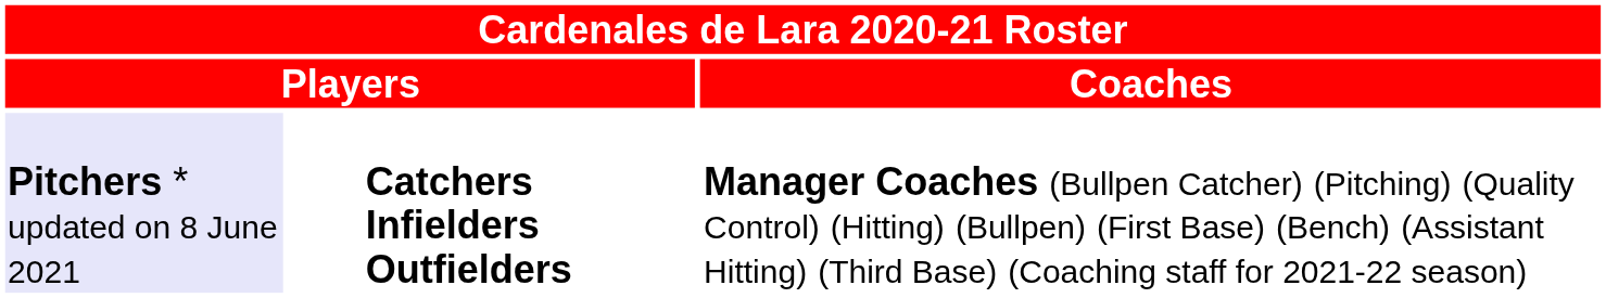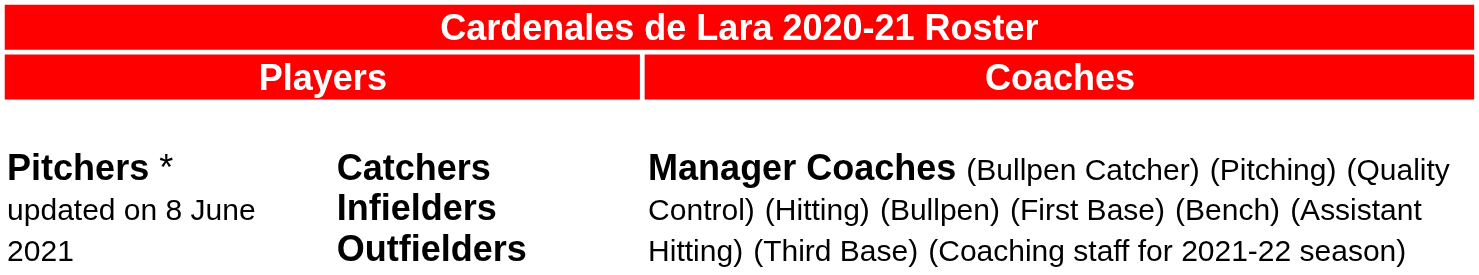 <table class="toccolours" style="font-size: 95%;">
 <tr>
 <th colspan="10" style="background-color: red;color:white;text-align:center;">Cardenales de Lara 2020-21 Roster</th>
 </tr>
 <tr>
 <th colspan="4" style="background-color: red; color: white">Players</th>
 <th colspan="1" style="background-color: red; color: white">Coaches</th>
 </tr>
 <tr>
-<td style="background: lavender; vertical-align:top;text-align:left;"><br><strong>Pitchers</strong>                *             <small><span></span> updated on 8 June 2021</small></td>
+<td style="vertical-align:top;text-align:left;"><br><strong>Pitchers</strong>                *             <small><span></span> updated on 8 June 2021</small></td>
 <td width="25px"></td>
 <td style="vertical-align:top;text-align:left;"><br><strong>Catchers</strong>           <strong>Infielders</strong>                  <strong>Outfielders</strong>        </td>
 <td style="vertical-align:top;text-align:left;"></td>
 <td style="vertical-align:top;text-align:left;"><br><strong>Manager</strong>  <strong>Coaches</strong>  <small>(Bullpen Catcher)</small>  <small>(Pitching)</small>  <small>(Quality Control)</small>  <small>(Hitting)</small>  <small>(Bullpen)</small>  <small>(First Base)</small>  <small>(Bench)</small>  <small>(Assistant Hitting)</small>  <small>(Third Base)</small> <small>(Coaching staff for 2021-22 season)</small></td>
 </tr>
 </table>
